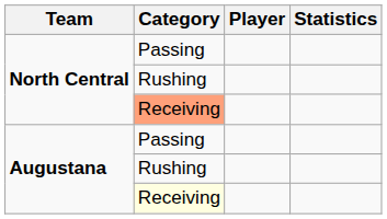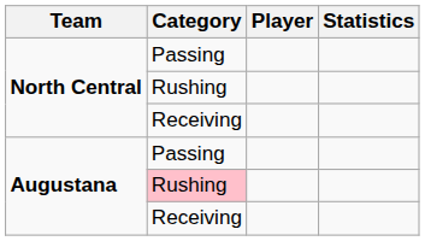 <table class="wikitable" style="float: left;">
 <tr>
 <th>Team</th>
 <th>Category</th>
 <th>Player</th>
 <th>Statistics</th>
 </tr>
 <tr>
 <td rowspan=3><strong>North Central</strong></td>
 <td>Passing</td>
 <td></td>
 <td></td>
 </tr>
 <tr>
 <td>Rushing</td>
 <td></td>
 <td></td>
 </tr>
 <tr>
-<td style="background: lightsalmon;">Receiving</td>
+<td>Receiving</td>
 <td></td>
 <td></td>
 </tr>
 <tr>
 <td rowspan=3><strong>Augustana</strong></td>
 <td>Passing</td>
 <td></td>
 <td></td>
 </tr>
 <tr>
-<td>Rushing</td>
+<td style="background: pink;">Rushing</td>
 <td></td>
 <td></td>
 </tr>
 <tr>
-<td style="background: lightyellow;">Receiving</td>
+<td>Receiving</td>
 <td></td>
 <td></td>
 </tr>
 </table>
